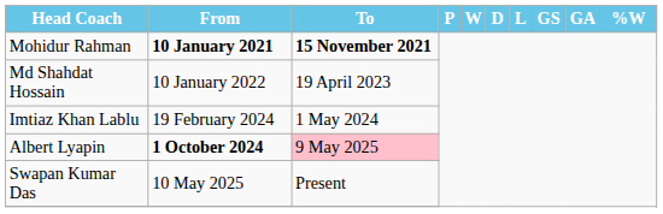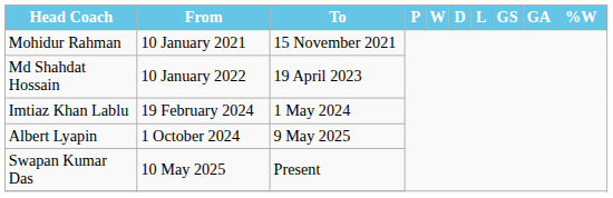 <table class="wikitable sortable" style="text-align:center">
 <tr>
 <th style="background:#65c5e6; color:white; width:150px;">Head Coach</th>
 <th style="background:#65c5e6; color:white; width:150px;">From</th>
 <th style="background:#65c5e6; color:white; width:150px;">To</th>
 <th abbr="1" style="background:#65c5e6; color:white; width:15px;">P</th>
 <th abbr="0" style="background:#65c5e6; color:white; width:15px;">W</th>
 <th abbr="0" style="background:#65c5e6; color:white; width:15px;">D</th>
 <th abbr="1" style="background:#65c5e6; color:white; width:15px;">L</th>
 <th abbr="0" style="background:#65c5e6; color:white; width:25px;">GS</th>
 <th abbr="1" style="background:#65c5e6; color:white; width:25px;">GA</th>
 <th abbr="00" style="background:#65c5e6; color:white; width:50px;">%W</th>
 </tr>
 <tr>
 <td align=left> Mohidur Rahman</td>
-<td align=left><strong>10 January 2021</strong></td>
-<td align=left><strong>15 November 2021<br></strong></td>
+<td align=left>10 January 2021</td>
+<td align=left>15 November 2021<br></td>
 </tr>
 <tr>
 <td align=left> Md Shahdat Hossain</td>
 <td align=left>10 January 2022</td>
 <td align=left>19 April 2023<br></td>
 </tr>
 <tr>
 <td align=left> Imtiaz Khan Lablu</td>
 <td align=left>19 February 2024</td>
 <td align=left>1 May 2024<br></td>
 </tr>
 <tr>
 <td align=left> Albert Lyapin</td>
-<td align=left><strong>1 October 2024</strong></td>
-<td align=left style="background: pink;">9 May 2025<br></td>
+<td align=left>1 October 2024</td>
+<td align=left>9 May 2025<br></td>
 </tr>
 <tr>
 <td align=left> Swapan Kumar Das</td>
 <td align=left>10 May 2025</td>
 <td align=left>Present<br></td>
 </tr>
 <tr>
 </tr>
 </table>
